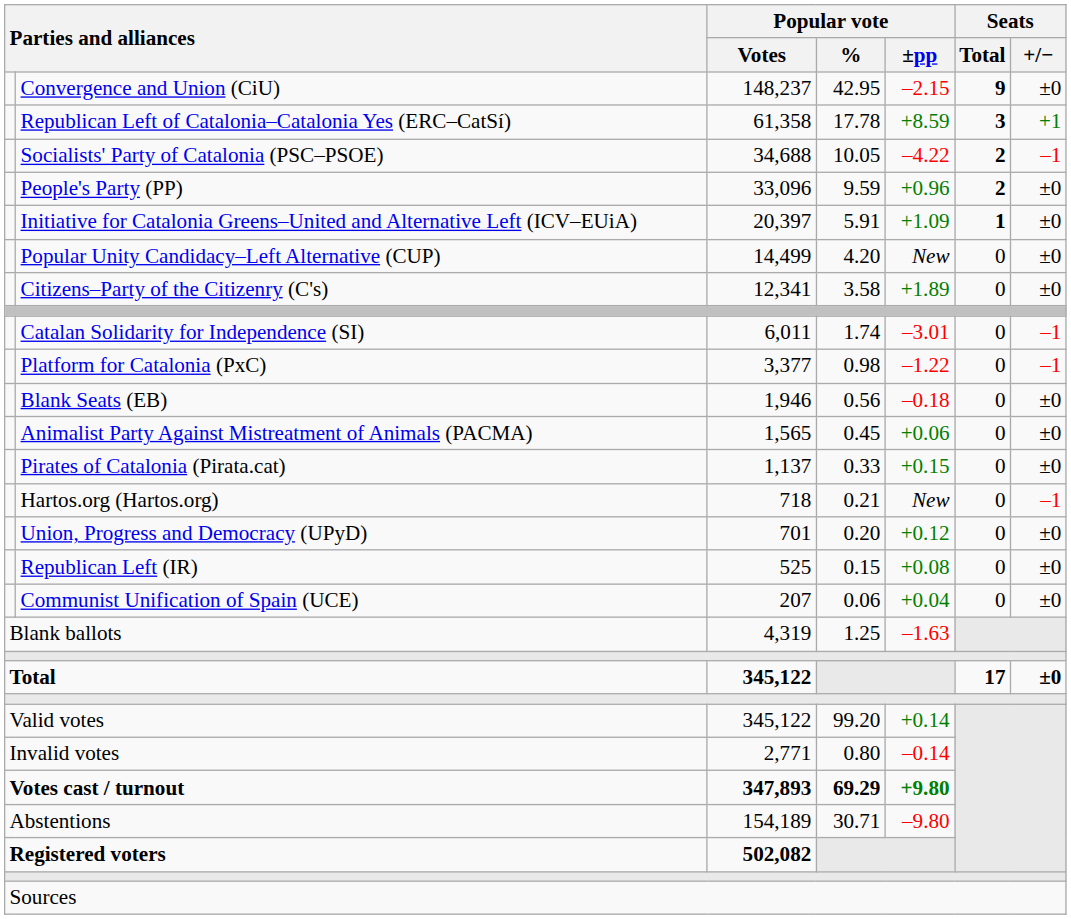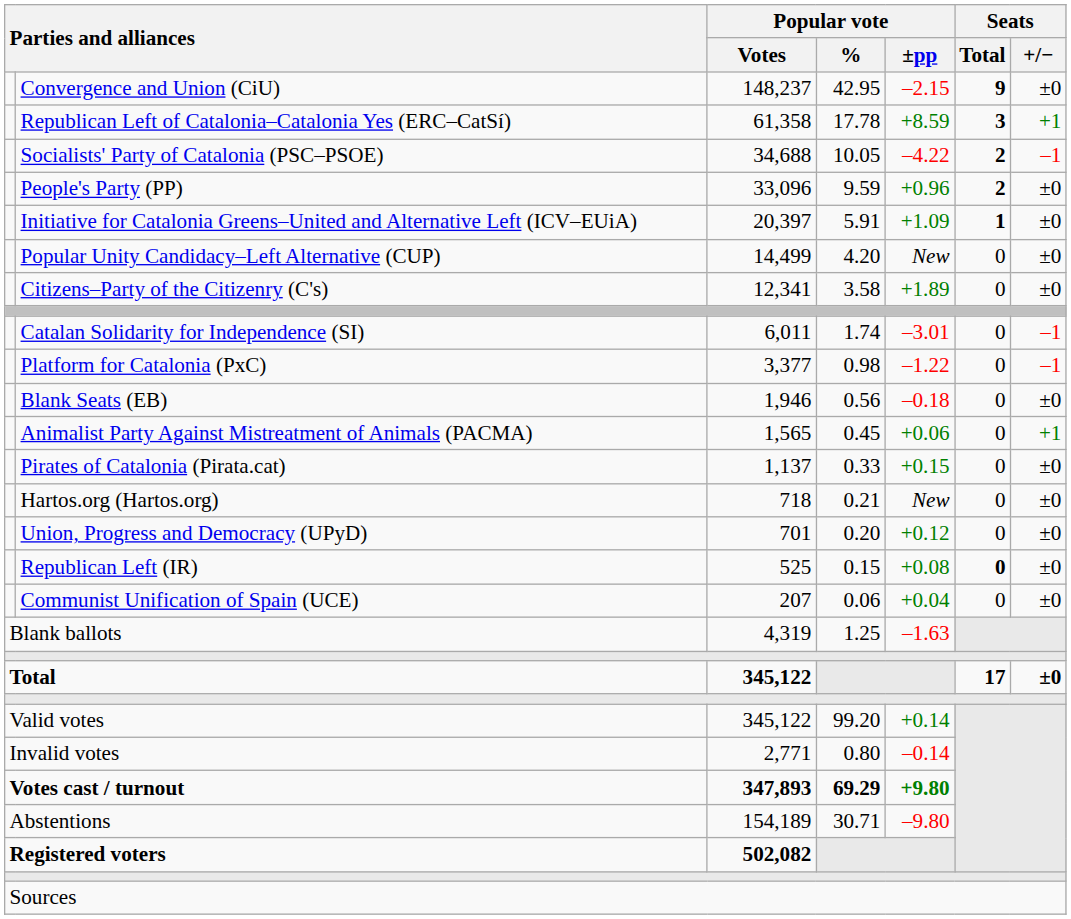 <table class="wikitable" style="text-align:right;">
 <tr>
 <th style="text-align:left;" rowspan="2" colspan="2" width="525">Parties and alliances</th>
 <th colspan="3">Popular vote</th>
 <th colspan="2">Seats</th>
 </tr>
 <tr>
 <th width="75">Votes</th>
 <th width="45">%</th>
 <th width="45">±<a href='#'>pp</a></th>
 <th width="35">Total</th>
 <th width="35">+/−</th>
 </tr>
 <tr>
 <td width="1" style="color:inherit;background:"></td>
 <td align="left"><a href='#'>Convergence and Union</a> (CiU)</td>
 <td>148,237</td>
 <td>42.95</td>
 <td style="color:red;">–2.15</td>
 <td><strong>9</strong></td>
 <td>±0</td>
 </tr>
 <tr>
 <td style="color:inherit;background:"></td>
 <td align="left"><a href='#'>Republican Left of Catalonia–Catalonia Yes</a> (ERC–CatSí)</td>
 <td>61,358</td>
 <td>17.78</td>
 <td style="color:green;">+8.59</td>
 <td><strong>3</strong></td>
 <td style="color:green;">+1</td>
 </tr>
 <tr>
 <td style="color:inherit;background:"></td>
 <td align="left"><a href='#'>Socialists' Party of Catalonia</a> (PSC–PSOE)</td>
 <td>34,688</td>
 <td>10.05</td>
 <td style="color:red;">–4.22</td>
 <td><strong>2</strong></td>
 <td style="color:red;">–1</td>
 </tr>
 <tr>
 <td style="color:inherit;background:"></td>
 <td align="left"><a href='#'>People's Party</a> (PP)</td>
 <td>33,096</td>
 <td>9.59</td>
 <td style="color:green;">+0.96</td>
 <td><strong>2</strong></td>
 <td>±0</td>
 </tr>
 <tr>
 <td style="color:inherit;background:"></td>
 <td align="left"><a href='#'>Initiative for Catalonia Greens–United and Alternative Left</a> (ICV–EUiA)</td>
 <td>20,397</td>
 <td>5.91</td>
 <td style="color:green;">+1.09</td>
 <td><strong>1</strong></td>
 <td>±0</td>
 </tr>
 <tr>
 <td style="color:inherit;background:"></td>
 <td align="left"><a href='#'>Popular Unity Candidacy–Left Alternative</a> (CUP)</td>
 <td>14,499</td>
 <td>4.20</td>
 <td><em>New</em></td>
 <td>0</td>
 <td>±0</td>
 </tr>
 <tr>
 <td style="color:inherit;background:"></td>
 <td align="left"><a href='#'>Citizens–Party of the Citizenry</a> (C's)</td>
 <td>12,341</td>
 <td>3.58</td>
 <td style="color:green;">+1.89</td>
 <td>0</td>
 <td>±0</td>
 </tr>
 <tr>
 <td colspan="7" bgcolor="#C0C0C0"></td>
 </tr>
 <tr>
 <td style="color:inherit;background:"></td>
 <td align="left"><a href='#'>Catalan Solidarity for Independence</a> (SI)</td>
 <td>6,011</td>
 <td>1.74</td>
 <td style="color:red;">–3.01</td>
 <td>0</td>
 <td style="color:red;">–1</td>
 </tr>
 <tr>
 <td style="color:inherit;background:"></td>
 <td align="left"><a href='#'>Platform for Catalonia</a> (PxC)</td>
 <td>3,377</td>
 <td>0.98</td>
 <td style="color:red;">–1.22</td>
 <td>0</td>
 <td style="color:red;">–1</td>
 </tr>
 <tr>
 <td style="color:inherit;background:"></td>
 <td align="left"><a href='#'>Blank Seats</a> (EB)</td>
 <td>1,946</td>
 <td>0.56</td>
 <td style="color:red;">–0.18</td>
 <td>0</td>
 <td>±0</td>
 </tr>
 <tr>
 <td style="color:inherit;background:"></td>
 <td align="left"><a href='#'>Animalist Party Against Mistreatment of Animals</a> (PACMA)</td>
 <td>1,565</td>
 <td>0.45</td>
 <td style="color:green;">+0.06</td>
 <td>0</td>
-<td>±0</td>
+<td style="color:green;">+1</td>
 </tr>
 <tr>
 <td style="color:inherit;background:"></td>
 <td align="left"><a href='#'>Pirates of Catalonia</a> (Pirata.cat)</td>
 <td>1,137</td>
 <td>0.33</td>
 <td style="color:green;">+0.15</td>
 <td>0</td>
 <td>±0</td>
 </tr>
 <tr>
 <td style="color:inherit;background:"></td>
 <td align="left">Hartos.org (Hartos.org)</td>
 <td>718</td>
 <td>0.21</td>
 <td><em>New</em></td>
 <td>0</td>
-<td style="color:red;">–1</td>
+<td>±0</td>
 </tr>
 <tr>
 <td style="color:inherit;background:"></td>
 <td align="left"><a href='#'>Union, Progress and Democracy</a> (UPyD)</td>
 <td>701</td>
 <td>0.20</td>
 <td style="color:green;">+0.12</td>
 <td>0</td>
 <td>±0</td>
 </tr>
 <tr>
 <td style="color:inherit;background:"></td>
 <td align="left"><a href='#'>Republican Left</a> (IR)</td>
 <td>525</td>
 <td>0.15</td>
 <td style="color:green;">+0.08</td>
-<td>0</td>
+<td><strong>0</strong></td>
 <td>±0</td>
 </tr>
 <tr>
 <td style="color:inherit;background:"></td>
 <td align="left"><a href='#'>Communist Unification of Spain</a> (UCE)</td>
 <td>207</td>
 <td>0.06</td>
 <td style="color:green;">+0.04</td>
 <td>0</td>
 <td>±0</td>
 </tr>
 <tr>
 <td align="left" colspan="2">Blank ballots</td>
 <td>4,319</td>
 <td>1.25</td>
 <td style="color:red;">–1.63</td>
 <td bgcolor="#E9E9E9" colspan="2"></td>
 </tr>
 <tr>
 <td colspan="7" bgcolor="#E9E9E9"></td>
 </tr>
 <tr style="font-weight:bold;">
 <td align="left" colspan="2">Total</td>
 <td>345,122</td>
 <td bgcolor="#E9E9E9" colspan="2"></td>
 <td>17</td>
 <td>±0</td>
 </tr>
 <tr>
 <td colspan="7" bgcolor="#E9E9E9"></td>
 </tr>
 <tr>
 <td align="left" colspan="2">Valid votes</td>
 <td>345,122</td>
 <td>99.20</td>
 <td style="color:green;">+0.14</td>
 <td bgcolor="#E9E9E9" colspan="2" rowspan="5"></td>
 </tr>
 <tr>
 <td align="left" colspan="2">Invalid votes</td>
 <td>2,771</td>
 <td>0.80</td>
 <td style="color:red;">–0.14</td>
 </tr>
 <tr style="font-weight:bold;">
 <td align="left" colspan="2">Votes cast / turnout</td>
 <td>347,893</td>
 <td>69.29</td>
 <td style="color:green;">+9.80</td>
 </tr>
 <tr>
 <td align="left" colspan="2">Abstentions</td>
 <td>154,189</td>
 <td>30.71</td>
 <td style="color:red;">–9.80</td>
 </tr>
 <tr style="font-weight:bold;">
 <td align="left" colspan="2">Registered voters</td>
 <td>502,082</td>
 <td bgcolor="#E9E9E9" colspan="2"></td>
 </tr>
 <tr>
 <td colspan="7" bgcolor="#E9E9E9"></td>
 </tr>
 <tr>
 <td align="left" colspan="7">Sources</td>
 </tr>
 </table>
